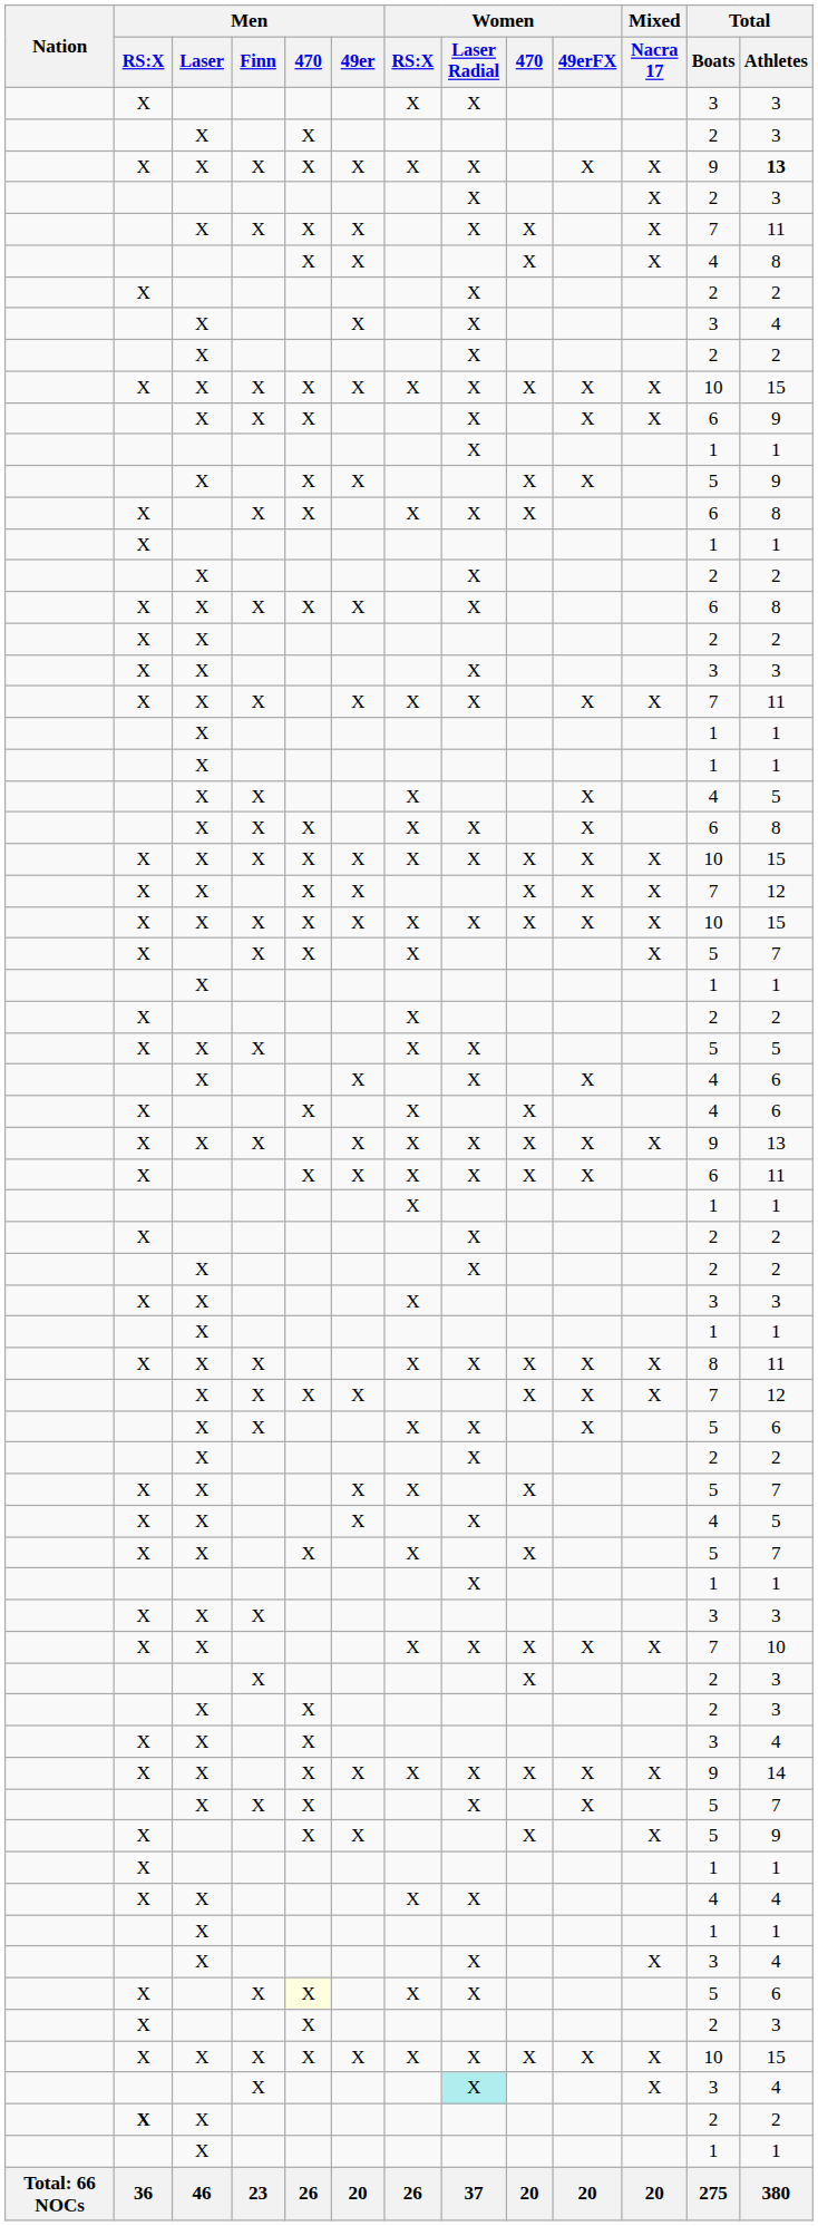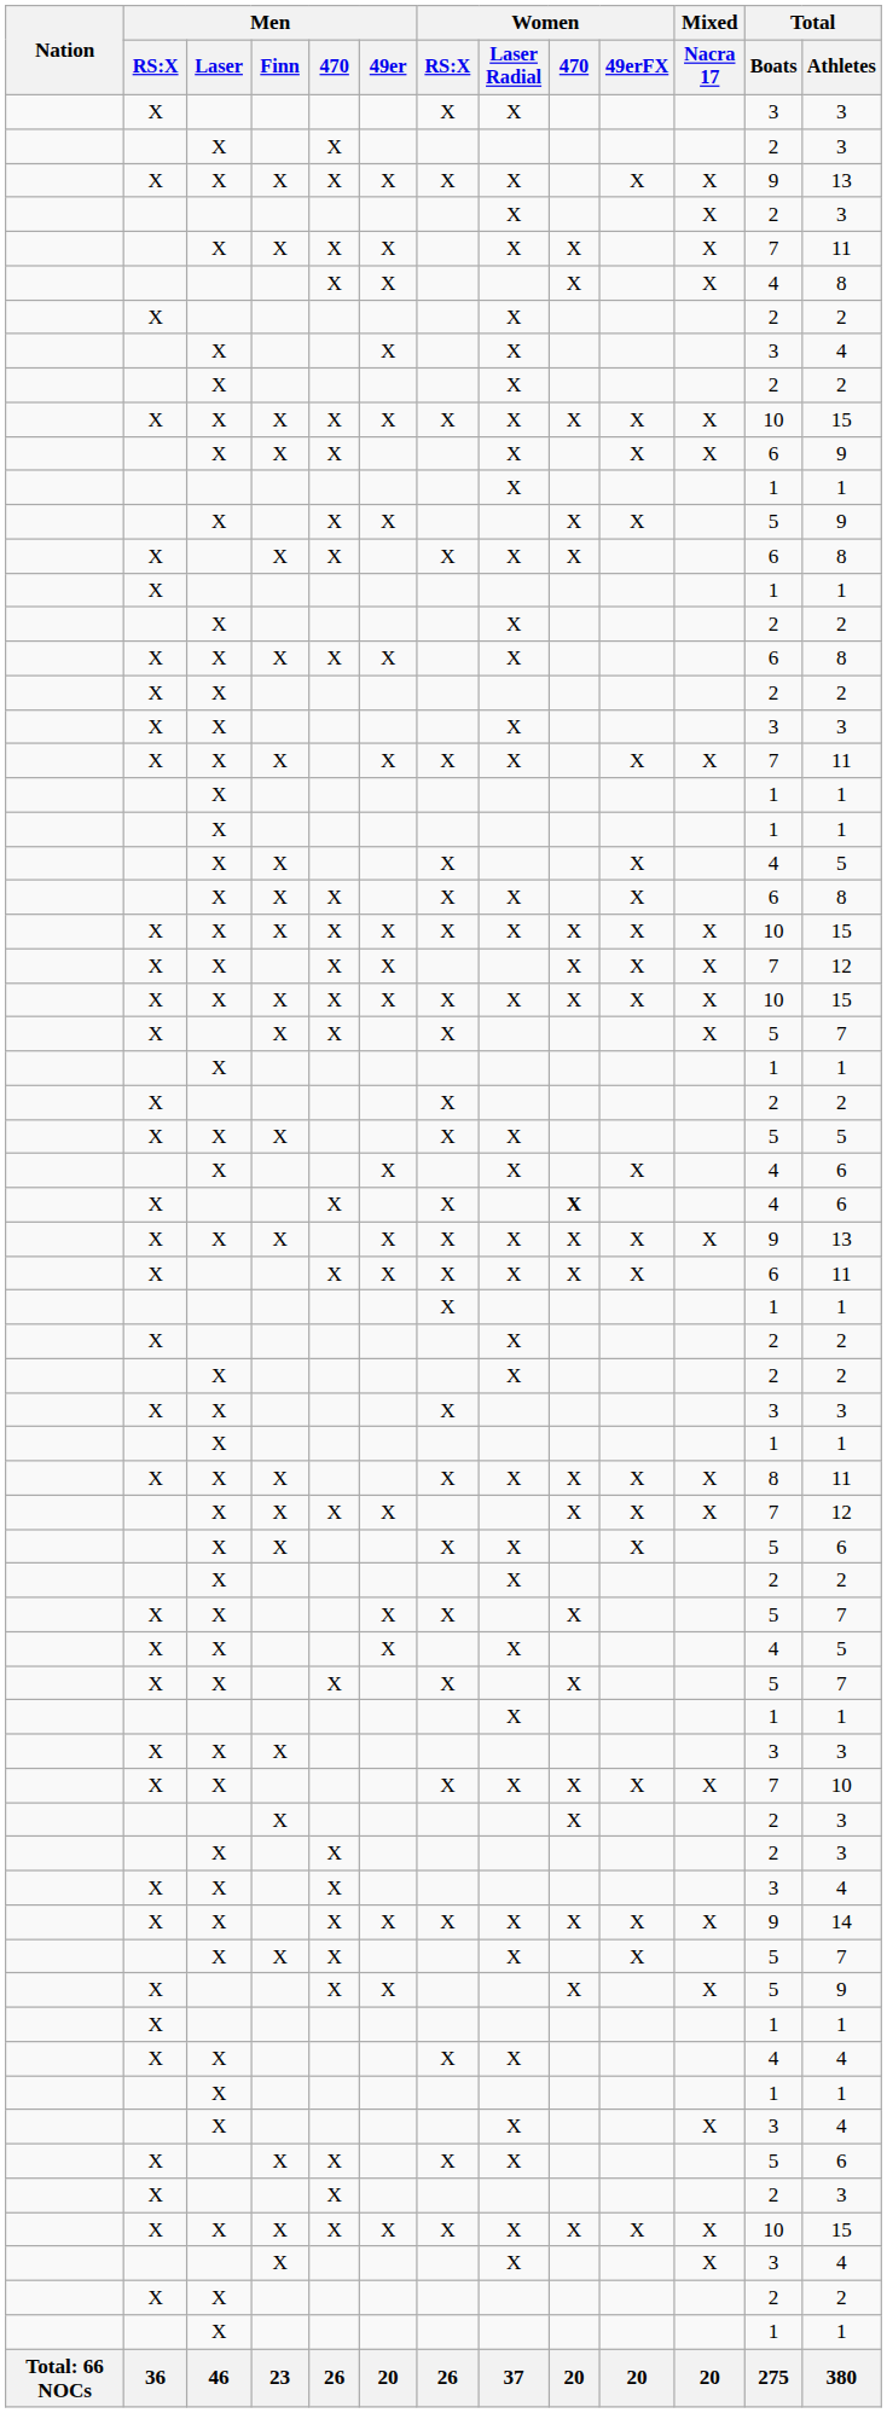 <table class="wikitable" style="text-align:center; font-size:90%">
 <tr>
 <th rowspan="2" style="text-align:center;" width=160>Nation</th>
 <th colspan="5">Men</th>
 <th colspan="4">Women</th>
 <th>Mixed</th>
 <th colspan=2>Total</th>
 </tr>
 <tr style="font-size:95%">
 <th width=50><a href='#'>RS:X</a></th>
 <th width=50><a href='#'>Laser</a></th>
 <th width=50><a href='#'>Finn</a></th>
 <th width=50><a href='#'>470</a></th>
 <th width=50><a href='#'>49er</a></th>
 <th width=50><a href='#'>RS:X</a></th>
 <th width=50><a href='#'>Laser Radial</a></th>
 <th width=50><a href='#'>470</a></th>
 <th width=50><a href='#'>49erFX</a></th>
 <th width=50><a href='#'>Nacra 17</a></th>
 <th width=35>Boats</th>
 <th width=49>Athletes</th>
 </tr>
 <tr>
 <td style="text-align:left;"></td>
 <td>X</td>
 <td></td>
 <td></td>
 <td></td>
 <td></td>
 <td>X</td>
 <td>X</td>
 <td></td>
 <td></td>
 <td></td>
 <td>3</td>
 <td>3</td>
 </tr>
 <tr>
 <td style="text-align:left;"></td>
 <td></td>
 <td>X</td>
 <td></td>
 <td>X</td>
 <td></td>
 <td></td>
 <td></td>
 <td></td>
 <td></td>
 <td></td>
 <td>2</td>
 <td>3</td>
 </tr>
 <tr>
 <td style="text-align:left;"></td>
 <td>X</td>
 <td>X</td>
 <td>X</td>
 <td>X</td>
 <td>X</td>
 <td>X</td>
 <td>X</td>
 <td></td>
 <td>X</td>
 <td>X</td>
 <td>9</td>
-<td><strong>13</strong></td>
+<td>13</td>
 </tr>
 <tr>
 <td style="text-align:left;"></td>
 <td></td>
 <td></td>
 <td></td>
 <td></td>
 <td></td>
 <td></td>
 <td>X</td>
 <td></td>
 <td></td>
 <td>X</td>
 <td>2</td>
 <td>3</td>
 </tr>
 <tr>
 <td style="text-align:left;"></td>
 <td></td>
 <td>X</td>
 <td>X</td>
 <td>X</td>
 <td>X</td>
 <td></td>
 <td>X</td>
 <td>X</td>
 <td></td>
 <td>X</td>
 <td>7</td>
 <td>11</td>
 </tr>
 <tr>
 <td style="text-align:left;"></td>
 <td></td>
 <td></td>
 <td></td>
 <td>X</td>
 <td>X</td>
 <td></td>
 <td></td>
 <td>X</td>
 <td></td>
 <td>X</td>
 <td>4</td>
 <td>8</td>
 </tr>
 <tr>
 <td style="text-align:left;"></td>
 <td>X</td>
 <td></td>
 <td></td>
 <td></td>
 <td></td>
 <td></td>
 <td>X</td>
 <td></td>
 <td></td>
 <td></td>
 <td>2</td>
 <td>2</td>
 </tr>
 <tr>
 <td style="text-align:left;"></td>
 <td></td>
 <td>X</td>
 <td></td>
 <td></td>
 <td>X</td>
 <td></td>
 <td>X</td>
 <td></td>
 <td></td>
 <td></td>
 <td>3</td>
 <td>4</td>
 </tr>
 <tr>
 <td style="text-align:left;"></td>
 <td></td>
 <td>X</td>
 <td></td>
 <td></td>
 <td></td>
 <td></td>
 <td>X</td>
 <td></td>
 <td></td>
 <td></td>
 <td>2</td>
 <td>2</td>
 </tr>
 <tr>
 <td style="text-align:left;"></td>
 <td>X</td>
 <td>X</td>
 <td>X</td>
 <td>X</td>
 <td>X</td>
 <td>X</td>
 <td>X</td>
 <td>X</td>
 <td>X</td>
 <td>X</td>
 <td>10</td>
 <td>15</td>
 </tr>
 <tr>
 <td style="text-align:left;"></td>
 <td></td>
 <td>X</td>
 <td>X</td>
 <td>X</td>
 <td></td>
 <td></td>
 <td>X</td>
 <td></td>
 <td>X</td>
 <td>X</td>
 <td>6</td>
 <td>9</td>
 </tr>
 <tr>
 <td style="text-align:left;"></td>
 <td></td>
 <td></td>
 <td></td>
 <td></td>
 <td></td>
 <td></td>
 <td>X</td>
 <td></td>
 <td></td>
 <td></td>
 <td>1</td>
 <td>1</td>
 </tr>
 <tr>
 <td style="text-align:left;"></td>
 <td></td>
 <td>X</td>
 <td></td>
 <td>X</td>
 <td>X</td>
 <td></td>
 <td></td>
 <td>X</td>
 <td>X</td>
 <td></td>
 <td>5</td>
 <td>9</td>
 </tr>
 <tr>
 <td style="text-align:left;"></td>
 <td>X</td>
 <td></td>
 <td>X</td>
 <td>X</td>
 <td></td>
 <td>X</td>
 <td>X</td>
 <td>X</td>
 <td></td>
 <td></td>
 <td>6</td>
 <td>8</td>
 </tr>
 <tr>
 <td style="text-align:left;"></td>
 <td>X</td>
 <td></td>
 <td></td>
 <td></td>
 <td></td>
 <td></td>
 <td></td>
 <td></td>
 <td></td>
 <td></td>
 <td>1</td>
 <td>1</td>
 </tr>
 <tr>
 <td style="text-align:left;"></td>
 <td></td>
 <td>X</td>
 <td></td>
 <td></td>
 <td></td>
 <td></td>
 <td>X</td>
 <td></td>
 <td></td>
 <td></td>
 <td>2</td>
 <td>2</td>
 </tr>
 <tr>
 <td style="text-align:left;"></td>
 <td>X</td>
 <td>X</td>
 <td>X</td>
 <td>X</td>
 <td>X</td>
 <td></td>
 <td>X</td>
 <td></td>
 <td></td>
 <td></td>
 <td>6</td>
 <td>8</td>
 </tr>
 <tr>
 <td style="text-align:left;"></td>
 <td>X</td>
 <td>X</td>
 <td></td>
 <td></td>
 <td></td>
 <td></td>
 <td></td>
 <td></td>
 <td></td>
 <td></td>
 <td>2</td>
 <td>2</td>
 </tr>
 <tr>
 <td style="text-align:left;"></td>
 <td>X</td>
 <td>X</td>
 <td></td>
 <td></td>
 <td></td>
 <td></td>
 <td>X</td>
 <td></td>
 <td></td>
 <td></td>
 <td>3</td>
 <td>3</td>
 </tr>
 <tr>
 <td style="text-align:left;"></td>
 <td>X</td>
 <td>X</td>
 <td>X</td>
 <td></td>
 <td>X</td>
 <td>X</td>
 <td>X</td>
 <td></td>
 <td>X</td>
 <td>X</td>
 <td>7</td>
 <td>11</td>
 </tr>
 <tr>
 <td style="text-align:left;"></td>
 <td></td>
 <td>X</td>
 <td></td>
 <td></td>
 <td></td>
 <td></td>
 <td></td>
 <td></td>
 <td></td>
 <td></td>
 <td>1</td>
 <td>1</td>
 </tr>
 <tr>
 <td style="text-align:left;"></td>
 <td></td>
 <td>X</td>
 <td></td>
 <td></td>
 <td></td>
 <td></td>
 <td></td>
 <td></td>
 <td></td>
 <td></td>
 <td>1</td>
 <td>1</td>
 </tr>
 <tr>
 <td style="text-align:left;"></td>
 <td></td>
 <td>X</td>
 <td>X</td>
 <td></td>
 <td></td>
 <td>X</td>
 <td></td>
 <td></td>
 <td>X</td>
 <td></td>
 <td>4</td>
 <td>5</td>
 </tr>
 <tr>
 <td style="text-align:left;"></td>
 <td></td>
 <td>X</td>
 <td>X</td>
 <td>X</td>
 <td></td>
 <td>X</td>
 <td>X</td>
 <td></td>
 <td>X</td>
 <td></td>
 <td>6</td>
 <td>8</td>
 </tr>
 <tr>
 <td style="text-align:left;"></td>
 <td>X</td>
 <td>X</td>
 <td>X</td>
 <td>X</td>
 <td>X</td>
 <td>X</td>
 <td>X</td>
 <td>X</td>
 <td>X</td>
 <td>X</td>
 <td>10</td>
 <td>15</td>
 </tr>
 <tr>
 <td style="text-align:left;"></td>
 <td>X</td>
 <td>X</td>
 <td></td>
 <td>X</td>
 <td>X</td>
 <td></td>
 <td></td>
 <td>X</td>
 <td>X</td>
 <td>X</td>
 <td>7</td>
 <td>12</td>
 </tr>
 <tr>
 <td style="text-align:left;"></td>
 <td>X</td>
 <td>X</td>
 <td>X</td>
 <td>X</td>
 <td>X</td>
 <td>X</td>
 <td>X</td>
 <td>X</td>
 <td>X</td>
 <td>X</td>
 <td>10</td>
 <td>15</td>
 </tr>
 <tr>
 <td style="text-align:left;"></td>
 <td>X</td>
 <td></td>
 <td>X</td>
 <td>X</td>
 <td></td>
 <td>X</td>
 <td></td>
 <td></td>
 <td></td>
 <td>X</td>
 <td>5</td>
 <td>7</td>
 </tr>
 <tr>
 <td style="text-align:left;"></td>
 <td></td>
 <td>X</td>
 <td></td>
 <td></td>
 <td></td>
 <td></td>
 <td></td>
 <td></td>
 <td></td>
 <td></td>
 <td>1</td>
 <td>1</td>
 </tr>
 <tr>
 <td style="text-align:left;"></td>
 <td>X</td>
 <td></td>
 <td></td>
 <td></td>
 <td></td>
 <td>X</td>
 <td></td>
 <td></td>
 <td></td>
 <td></td>
 <td>2</td>
 <td>2</td>
 </tr>
 <tr>
 <td style="text-align:left;"></td>
 <td>X</td>
 <td>X</td>
 <td>X</td>
 <td></td>
 <td></td>
 <td>X</td>
 <td>X</td>
 <td></td>
 <td></td>
 <td></td>
 <td>5</td>
 <td>5</td>
 </tr>
 <tr>
 <td style="text-align:left;"></td>
 <td></td>
 <td>X</td>
 <td></td>
 <td></td>
 <td>X</td>
 <td></td>
 <td>X</td>
 <td></td>
 <td>X</td>
 <td></td>
 <td>4</td>
 <td>6</td>
 </tr>
 <tr>
 <td style="text-align:left;"></td>
 <td>X</td>
 <td></td>
 <td></td>
 <td>X</td>
 <td></td>
 <td>X</td>
 <td></td>
-<td>X</td>
+<td><strong>X</strong></td>
 <td></td>
 <td></td>
 <td>4</td>
 <td>6</td>
 </tr>
 <tr>
 <td style="text-align:left;"></td>
 <td>X</td>
 <td>X</td>
 <td>X</td>
 <td></td>
 <td>X</td>
 <td>X</td>
 <td>X</td>
 <td>X</td>
 <td>X</td>
 <td>X</td>
 <td>9</td>
 <td>13</td>
 </tr>
 <tr>
 <td style="text-align:left;"></td>
 <td>X</td>
 <td></td>
 <td></td>
 <td>X</td>
 <td>X</td>
 <td>X</td>
 <td>X</td>
 <td>X</td>
 <td>X</td>
 <td></td>
 <td>6</td>
 <td>11</td>
 </tr>
 <tr>
 <td style="text-align:left;"></td>
 <td></td>
 <td></td>
 <td></td>
 <td></td>
 <td></td>
 <td>X</td>
 <td></td>
 <td></td>
 <td></td>
 <td></td>
 <td>1</td>
 <td>1</td>
 </tr>
 <tr>
 <td style="text-align:left;"></td>
 <td>X</td>
 <td></td>
 <td></td>
 <td></td>
 <td></td>
 <td></td>
 <td>X</td>
 <td></td>
 <td></td>
 <td></td>
 <td>2</td>
 <td>2</td>
 </tr>
 <tr>
 <td style="text-align:left;"></td>
 <td></td>
 <td>X</td>
 <td></td>
 <td></td>
 <td></td>
 <td></td>
 <td>X</td>
 <td></td>
 <td></td>
 <td></td>
 <td>2</td>
 <td>2</td>
 </tr>
 <tr>
 <td style="text-align:left;"></td>
 <td>X</td>
 <td>X</td>
 <td></td>
 <td></td>
 <td></td>
 <td>X</td>
 <td></td>
 <td></td>
 <td></td>
 <td></td>
 <td>3</td>
 <td>3</td>
 </tr>
 <tr>
 <td style="text-align:left;"></td>
 <td></td>
 <td>X</td>
 <td></td>
 <td></td>
 <td></td>
 <td></td>
 <td></td>
 <td></td>
 <td></td>
 <td></td>
 <td>1</td>
 <td>1</td>
 </tr>
 <tr>
 <td style="text-align:left;"></td>
 <td>X</td>
 <td>X</td>
 <td>X</td>
 <td></td>
 <td></td>
 <td>X</td>
 <td>X</td>
 <td>X</td>
 <td>X</td>
 <td>X</td>
 <td>8</td>
 <td>11</td>
 </tr>
 <tr>
 <td style="text-align:left;"></td>
 <td></td>
 <td>X</td>
 <td>X</td>
 <td>X</td>
 <td>X</td>
 <td></td>
 <td></td>
 <td>X</td>
 <td>X</td>
 <td>X</td>
 <td>7</td>
 <td>12</td>
 </tr>
 <tr>
 <td style="text-align:left;"></td>
 <td></td>
 <td>X</td>
 <td>X</td>
 <td></td>
 <td></td>
 <td>X</td>
 <td>X</td>
 <td></td>
 <td>X</td>
 <td></td>
 <td>5</td>
 <td>6</td>
 </tr>
 <tr>
 <td style="text-align:left;"></td>
 <td></td>
 <td>X</td>
 <td></td>
 <td></td>
 <td></td>
 <td></td>
 <td>X</td>
 <td></td>
 <td></td>
 <td></td>
 <td>2</td>
 <td>2</td>
 </tr>
 <tr>
 <td style="text-align:left;"></td>
 <td>X</td>
 <td>X</td>
 <td></td>
 <td></td>
 <td>X</td>
 <td>X</td>
 <td></td>
 <td>X</td>
 <td></td>
 <td></td>
 <td>5</td>
 <td>7</td>
 </tr>
 <tr>
 <td style="text-align:left;"></td>
 <td>X</td>
 <td>X</td>
 <td></td>
 <td></td>
 <td>X</td>
 <td></td>
 <td>X</td>
 <td></td>
 <td></td>
 <td></td>
 <td>4</td>
 <td>5</td>
 </tr>
 <tr>
 <td style="text-align:left;"></td>
 <td>X</td>
 <td>X</td>
 <td></td>
 <td>X</td>
 <td></td>
 <td>X</td>
 <td></td>
 <td>X</td>
 <td></td>
 <td></td>
 <td>5</td>
 <td>7</td>
 </tr>
 <tr>
 <td style="text-align:left;"></td>
 <td></td>
 <td></td>
 <td></td>
 <td></td>
 <td></td>
 <td></td>
 <td>X</td>
 <td></td>
 <td></td>
 <td></td>
 <td>1</td>
 <td>1</td>
 </tr>
 <tr>
 <td style="text-align:left;"></td>
 <td>X</td>
 <td>X</td>
 <td>X</td>
 <td></td>
 <td></td>
 <td></td>
 <td></td>
 <td></td>
 <td></td>
 <td></td>
 <td>3</td>
 <td>3</td>
 </tr>
 <tr>
 <td style="text-align:left;"></td>
 <td>X</td>
 <td>X</td>
 <td></td>
 <td></td>
 <td></td>
 <td>X</td>
 <td>X</td>
 <td>X</td>
 <td>X</td>
 <td>X</td>
 <td>7</td>
 <td>10</td>
 </tr>
 <tr>
 <td style="text-align:left;"></td>
 <td></td>
 <td></td>
 <td>X</td>
 <td></td>
 <td></td>
 <td></td>
 <td></td>
 <td>X</td>
 <td></td>
 <td></td>
 <td>2</td>
 <td>3</td>
 </tr>
 <tr>
 <td style="text-align:left;"></td>
 <td></td>
 <td>X</td>
 <td></td>
 <td>X</td>
 <td></td>
 <td></td>
 <td></td>
 <td></td>
 <td></td>
 <td></td>
 <td>2</td>
 <td>3</td>
 </tr>
 <tr>
 <td style="text-align:left;"></td>
 <td>X</td>
 <td>X</td>
 <td></td>
 <td>X</td>
 <td></td>
 <td></td>
 <td></td>
 <td></td>
 <td></td>
 <td></td>
 <td>3</td>
 <td>4</td>
 </tr>
 <tr>
 <td style="text-align:left;"></td>
 <td>X</td>
 <td>X</td>
 <td></td>
 <td>X</td>
 <td>X</td>
 <td>X</td>
 <td>X</td>
 <td>X</td>
 <td>X</td>
 <td>X</td>
 <td>9</td>
 <td>14</td>
 </tr>
 <tr>
 <td style="text-align:left;"></td>
 <td></td>
 <td>X</td>
 <td>X</td>
 <td>X</td>
 <td></td>
 <td></td>
 <td>X</td>
 <td></td>
 <td>X</td>
 <td></td>
 <td>5</td>
 <td>7</td>
 </tr>
 <tr>
 <td style="text-align:left;"></td>
 <td>X</td>
 <td></td>
 <td></td>
 <td>X</td>
 <td>X</td>
 <td></td>
 <td></td>
 <td>X</td>
 <td></td>
 <td>X</td>
 <td>5</td>
 <td>9</td>
 </tr>
 <tr>
 <td style="text-align:left;"></td>
 <td>X</td>
 <td></td>
 <td></td>
 <td></td>
 <td></td>
 <td></td>
 <td></td>
 <td></td>
 <td></td>
 <td></td>
 <td>1</td>
 <td>1</td>
 </tr>
 <tr>
 <td style="text-align:left;"></td>
 <td>X</td>
 <td>X</td>
 <td></td>
 <td></td>
 <td></td>
 <td>X</td>
 <td>X</td>
 <td></td>
 <td></td>
 <td></td>
 <td>4</td>
 <td>4</td>
 </tr>
 <tr>
 <td style="text-align:left;"></td>
 <td></td>
 <td>X</td>
 <td></td>
 <td></td>
 <td></td>
 <td></td>
 <td></td>
 <td></td>
 <td></td>
 <td></td>
 <td>1</td>
 <td>1</td>
 </tr>
 <tr>
 <td style="text-align:left;"></td>
 <td></td>
 <td>X</td>
 <td></td>
 <td></td>
 <td></td>
 <td></td>
 <td>X</td>
 <td></td>
 <td></td>
 <td>X</td>
 <td>3</td>
 <td>4</td>
 </tr>
 <tr>
 <td style="text-align:left;"></td>
 <td>X</td>
 <td></td>
 <td>X</td>
-<td style="background: lightyellow;">X</td>
+<td>X</td>
 <td></td>
 <td>X</td>
 <td>X</td>
 <td></td>
 <td></td>
 <td></td>
 <td>5</td>
 <td>6</td>
 </tr>
 <tr>
 <td style="text-align:left;"></td>
 <td>X</td>
 <td></td>
 <td></td>
 <td>X</td>
 <td></td>
 <td></td>
 <td></td>
 <td></td>
 <td></td>
 <td></td>
 <td>2</td>
 <td>3</td>
 </tr>
 <tr>
 <td style="text-align:left;"></td>
 <td>X</td>
 <td>X</td>
 <td>X</td>
 <td>X</td>
 <td>X</td>
 <td>X</td>
 <td>X</td>
 <td>X</td>
 <td>X</td>
 <td>X</td>
 <td>10</td>
 <td>15</td>
 </tr>
 <tr>
 <td style="text-align:left;"></td>
 <td></td>
 <td></td>
 <td>X</td>
 <td></td>
 <td></td>
 <td></td>
-<td style="background: paleturquoise;">X</td>
+<td>X</td>
 <td></td>
 <td></td>
 <td>X</td>
 <td>3</td>
 <td>4</td>
 </tr>
 <tr>
 <td style="text-align:left;"></td>
-<td><strong>X</strong></td>
+<td>X</td>
 <td>X</td>
 <td></td>
 <td></td>
 <td></td>
 <td></td>
 <td></td>
 <td></td>
 <td></td>
 <td></td>
 <td>2</td>
 <td>2</td>
 </tr>
 <tr>
 <td style="text-align:left;"></td>
 <td></td>
 <td>X</td>
 <td></td>
 <td></td>
 <td></td>
 <td></td>
 <td></td>
 <td></td>
 <td></td>
 <td></td>
 <td>1</td>
 <td>1</td>
 </tr>
 <tr>
 <th>Total: 66 NOCs</th>
 <th>36</th>
 <th>46</th>
 <th>23</th>
 <th>26</th>
 <th>20</th>
 <th>26</th>
 <th>37</th>
 <th>20</th>
 <th>20</th>
 <th>20</th>
 <th>275</th>
 <th>380</th>
 </tr>
 </table>
